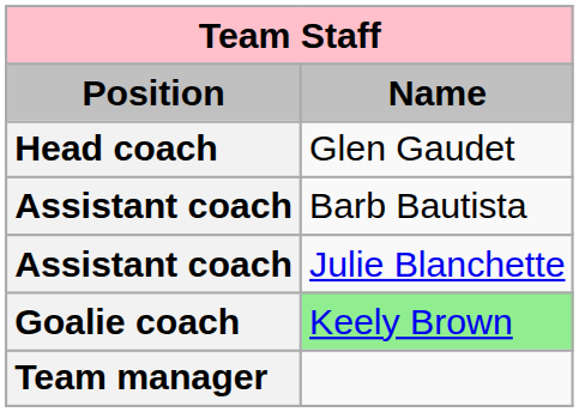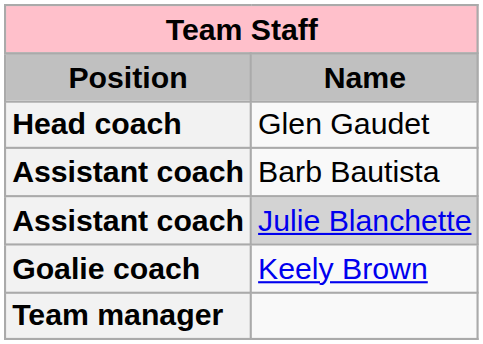 <table class="wikitable" style="text-align:left; font-size:90%;">
 <tr>
 <th style=background:pink colspan=3>Team Staff</th>
 </tr>
 <tr>
 <th style="background:silver;">Position</th>
 <th style="background:silver;">Name</th>
 </tr>
 <tr>
 <th style="text-align:left;">Head coach</th>
 <td>Glen Gaudet</td>
 </tr>
 <tr>
 <th style="text-align:left;">Assistant coach</th>
 <td>Barb Bautista</td>
 </tr>
 <tr>
 <th style="text-align:left;">Assistant coach</th>
-<td><a href='#'>Julie Blanchette</a></td>
+<td style="background: lightgrey;"><a href='#'>Julie Blanchette</a></td>
 </tr>
 <tr>
 <th style="text-align:left;">Goalie coach</th>
-<td style="background: lightgreen;"><a href='#'>Keely Brown</a></td>
+<td><a href='#'>Keely Brown</a></td>
 </tr>
 <tr>
 <th style="text-align:left;">Team manager</th>
 <td></td>
 </tr>
 </table>
